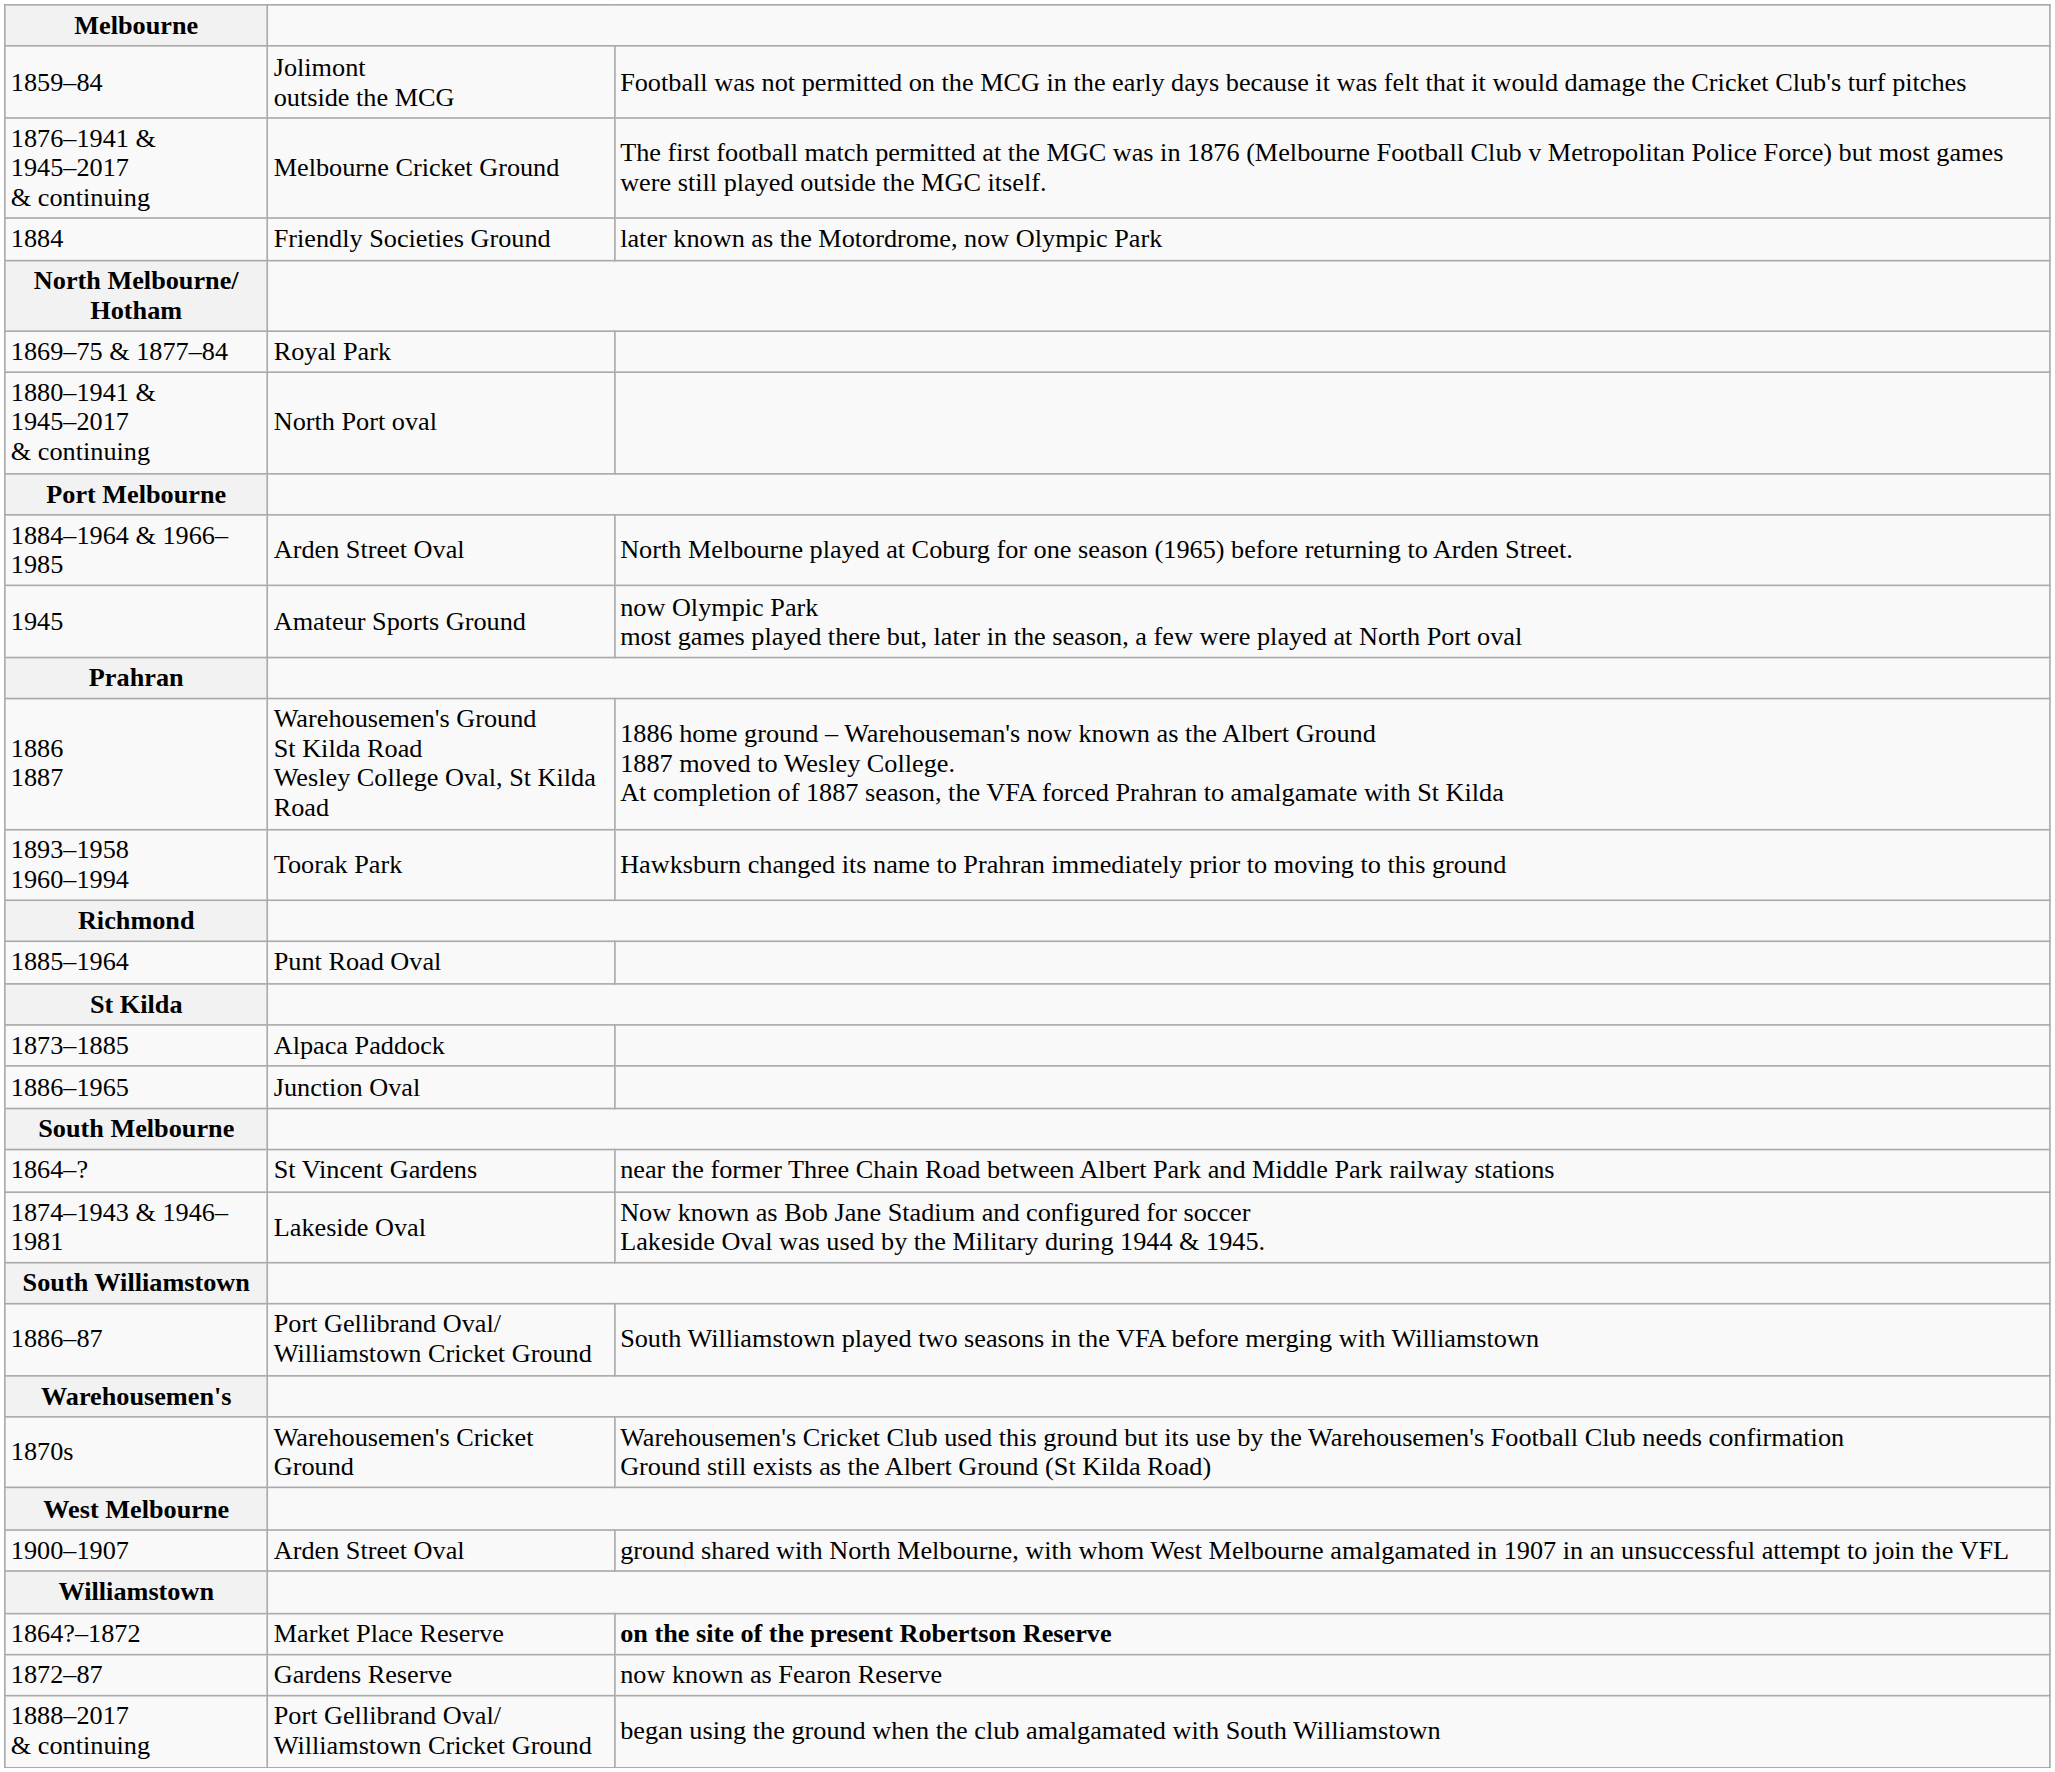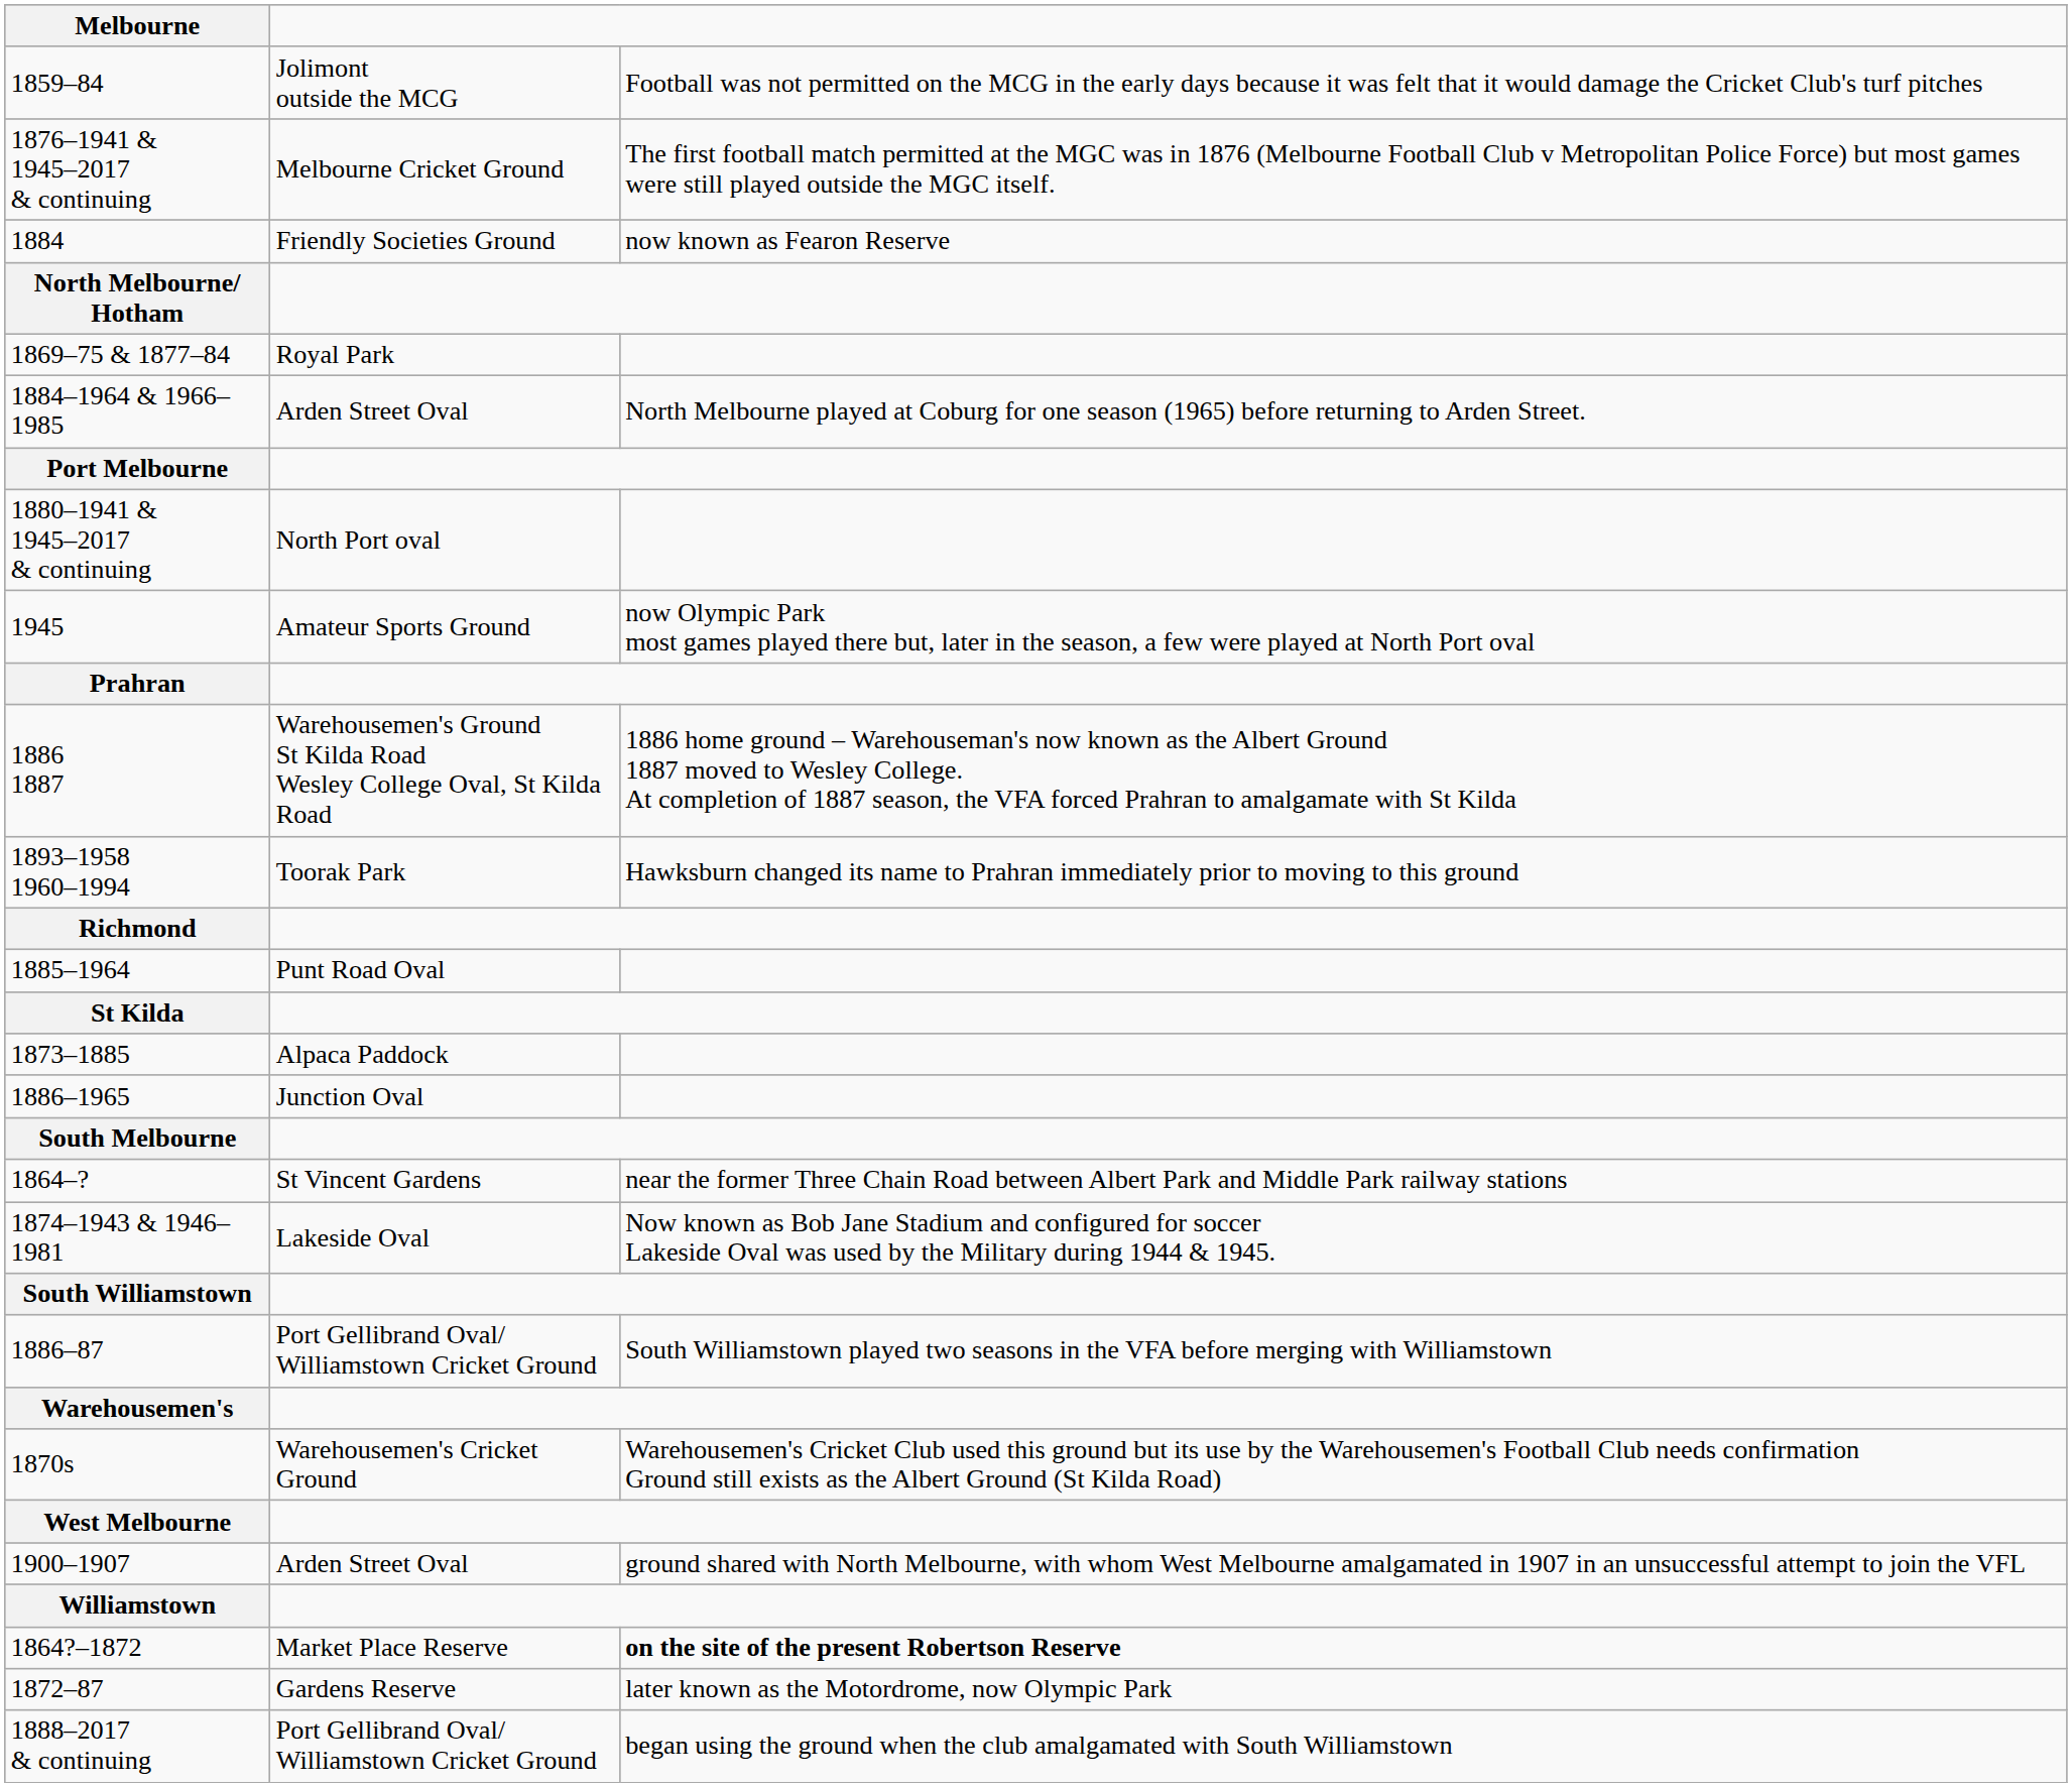 <table class="wikitable">
 <tr>
 <th>Melbourne</th>
 </tr>
 <tr>
 <td>1859–84</td>
 <td>Jolimont<br>outside the MCG</td>
 <td>Football was not permitted on the MCG in the early days because it was felt that it would damage the Cricket Club's turf pitches</td>
 </tr>
 <tr>
 <td>1876–1941 &<br>1945–2017<br>& continuing</td>
 <td>Melbourne Cricket Ground</td>
 <td>The first football match permitted at the MGC was in 1876 (Melbourne Football Club v Metropolitan Police Force) but most games were still played outside the MGC itself.</td>
 </tr>
 <tr>
 <td>1884</td>
 <td>Friendly Societies Ground</td>
-<td>later known as the Motordrome, now Olympic Park<br></td>
+<td>now known as Fearon Reserve</td>
 </tr>
 <tr>
 <th>North Melbourne/<br>Hotham</th>
 </tr>
 <tr>
 <td>1869–75 & 1877–84</td>
 <td>Royal Park</td>
 <td></td>
 </tr>
 <tr>
-<td>1880–1941 &<br>1945–2017<br>& continuing</td>
-<td>North Port oval</td>
-<td></td>
+<td>1884–1964 & 1966–1985</td>
+<td>Arden Street Oval</td>
+<td>North Melbourne played at Coburg for one season (1965) before returning to Arden Street.</td>
 </tr>
 <tr>
 <th>Port Melbourne</th>
 </tr>
 <tr>
-<td>1884–1964 & 1966–1985</td>
-<td>Arden Street Oval</td>
-<td>North Melbourne played at Coburg for one season (1965) before returning to Arden Street.</td>
+<td>1880–1941 &<br>1945–2017<br>& continuing</td>
+<td>North Port oval</td>
+<td></td>
 </tr>
 <tr>
 <td>1945</td>
 <td>Amateur Sports Ground</td>
 <td>now Olympic Park<br>most games played there but, later in the season, a few were played at North Port oval</td>
 </tr>
 <tr>
 <th>Prahran</th>
 </tr>
 <tr>
 <td>1886<br>1887</td>
 <td>Warehousemen's Ground<br>St Kilda Road<br>Wesley College Oval,  St Kilda Road</td>
 <td>1886 home ground – Warehouseman's now known as the Albert Ground<br>1887 moved to Wesley College.<br>At completion of 1887 season, the VFA forced Prahran to amalgamate with St Kilda</td>
 </tr>
 <tr>
 <td>1893–1958<br>1960–1994</td>
 <td>Toorak Park</td>
 <td>Hawksburn changed its name to Prahran immediately prior to moving to this ground</td>
 </tr>
 <tr>
 <th>Richmond</th>
 </tr>
 <tr>
 <td>1885–1964</td>
 <td>Punt Road Oval</td>
 <td></td>
 </tr>
 <tr>
 <th>St Kilda</th>
 </tr>
 <tr>
 <td>1873–1885</td>
 <td>Alpaca Paddock</td>
 <td></td>
 </tr>
 <tr>
 <td>1886–1965</td>
 <td>Junction Oval</td>
 <td></td>
 </tr>
 <tr>
 <th>South Melbourne</th>
 </tr>
 <tr>
 <td>1864–?</td>
 <td>St Vincent Gardens</td>
 <td>near the former Three Chain Road between Albert Park and Middle Park railway stations<br></td>
 </tr>
 <tr>
 <td>1874–1943 & 1946–1981</td>
 <td>Lakeside Oval</td>
 <td>Now known as Bob Jane Stadium and configured for soccer<br> Lakeside Oval was used by the Military during 1944 & 1945.</td>
 </tr>
 <tr>
 <th>South Williamstown</th>
 </tr>
 <tr>
 <td>1886–87</td>
 <td>Port Gellibrand Oval/<br>Williamstown Cricket Ground</td>
 <td>South Williamstown played two seasons in the VFA before merging with Williamstown</td>
 </tr>
 <tr>
 <th>Warehousemen's</th>
 </tr>
 <tr>
 <td>1870s</td>
 <td>Warehousemen's Cricket Ground</td>
 <td>Warehousemen's Cricket Club used this ground but its use by the Warehousemen's Football Club needs confirmation<br>Ground still exists as the Albert Ground (St Kilda Road)</td>
 </tr>
 <tr>
 <th>West Melbourne</th>
 </tr>
 <tr>
 <td>1900–1907</td>
 <td>Arden Street Oval</td>
 <td>ground shared with North Melbourne, with whom West Melbourne amalgamated in 1907 in an unsuccessful attempt to join the VFL</td>
 </tr>
 <tr>
 <th>Williamstown</th>
 </tr>
 <tr>
 <td>1864?–1872</td>
 <td>Market Place Reserve</td>
 <td><strong>on the site of the present Robertson Reserve</strong></td>
 </tr>
 <tr>
 <td>1872–87</td>
 <td>Gardens Reserve</td>
-<td>now known as Fearon Reserve</td>
+<td>later known as the Motordrome, now Olympic Park<br></td>
 </tr>
 <tr>
 <td>1888–2017<br>& continuing</td>
 <td>Port Gellibrand Oval/<br>Williamstown Cricket Ground</td>
 <td>began using the ground when the club amalgamated with South Williamstown</td>
 </tr>
 </table>
